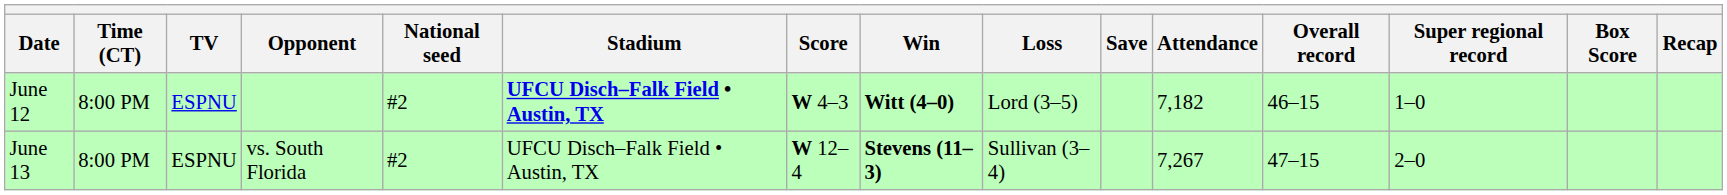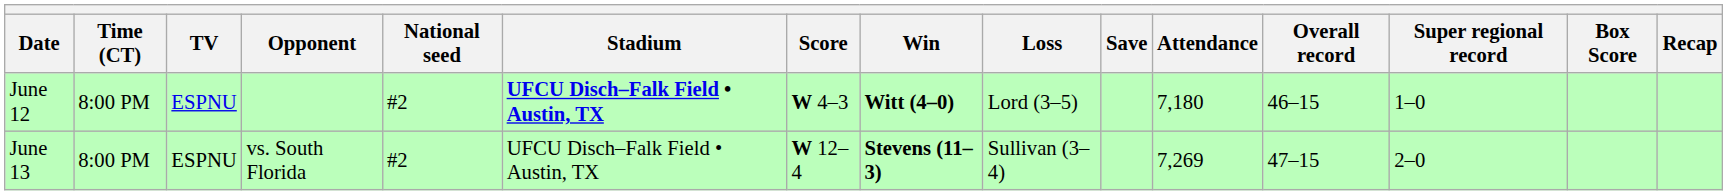 <table class="wikitable collapsible collapsed" style="margin:auto; font-size:95%; width:100%">
 <tr>
 <th colspan=15 style="padding-left:4em;"></th>
 </tr>
 <tr>
 <th>Date</th>
 <th>Time (CT)</th>
 <th>TV</th>
 <th>Opponent</th>
 <th>National seed</th>
 <th>Stadium</th>
 <th>Score</th>
 <th>Win</th>
 <th>Loss</th>
 <th>Save</th>
 <th>Attendance</th>
 <th>Overall record</th>
 <th>Super regional record</th>
 <th>Box Score</th>
 <th>Recap</th>
 </tr>
 <tr bgcolor= Bbffbb>
 <td>June 12</td>
 <td>8:00 PM</td>
 <td><a href='#'>ESPNU</a></td>
 <td></td>
 <td>#2</td>
 <td><strong><a href='#'>UFCU Disch–Falk Field</a> • <a href='#'>Austin, TX</a></strong></td>
 <td><strong>W</strong> 4–3</td>
 <td><strong>Witt (4–0)</strong></td>
 <td>Lord (3–5)</td>
 <td></td>
-<td>7,182</td>
+<td>7,180</td>
 <td>46–15</td>
 <td>1–0</td>
 <td></td>
 <td></td>
 </tr>
 <tr bgcolor=Bbffbb>
 <td>June 13</td>
 <td>8:00 PM</td>
 <td>ESPNU</td>
 <td>vs. South Florida</td>
 <td>#2</td>
 <td>UFCU Disch–Falk Field • Austin, TX</td>
 <td><strong>W</strong> 12–4</td>
 <td><strong>Stevens (11–3)</strong></td>
 <td>Sullivan (3–4)</td>
 <td></td>
-<td>7,267</td>
+<td>7,269</td>
 <td>47–15</td>
 <td>2–0</td>
 <td></td>
 <td></td>
 </tr>
 </table>
